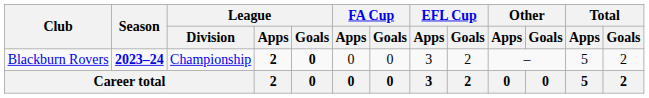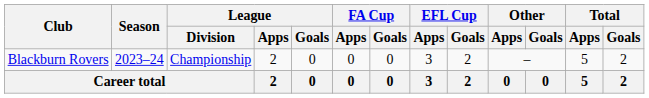 <table class=wikitable style=text-align:center>
 <tr>
 <th rowspan=2>Club</th>
 <th rowspan=2>Season</th>
 <th colspan=3>League</th>
 <th colspan=2><a href='#'>FA Cup</a></th>
 <th colspan=2><a href='#'>EFL Cup</a></th>
 <th colspan=2>Other</th>
 <th colspan=2>Total</th>
 </tr>
 <tr>
 <th>Division</th>
 <th>Apps</th>
 <th>Goals</th>
 <th>Apps</th>
 <th>Goals</th>
 <th>Apps</th>
 <th>Goals</th>
 <th>Apps</th>
 <th>Goals</th>
 <th>Apps</th>
 <th>Goals</th>
 </tr>
 <tr>
 <td><a href='#'>Blackburn Rovers</a></td>
-<td><strong><a href='#'>2023–24</a></strong></td>
+<td><a href='#'>2023–24</a></td>
 <td><a href='#'>Championship</a></td>
-<td><strong>2</strong></td>
-<td><strong>0</strong></td>
+<td>2</td>
+<td>0</td>
 <td>0</td>
 <td>0</td>
 <td>3</td>
 <td>2</td>
 <td colspan="2">–</td>
 <td>5</td>
 <td>2</td>
 </tr>
 <tr>
 <th colspan=3><strong>Career total</strong></th>
 <th>2</th>
 <th>0</th>
 <th>0</th>
 <th>0</th>
 <th>3</th>
 <th>2</th>
 <th>0</th>
 <th>0</th>
 <th>5</th>
 <th>2</th>
 </tr>
 </table>
